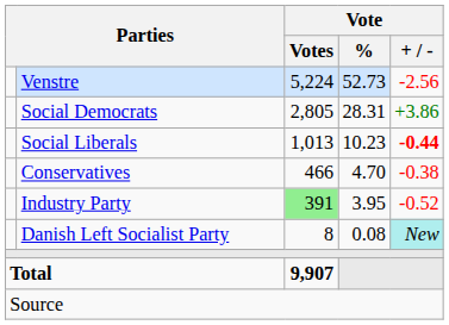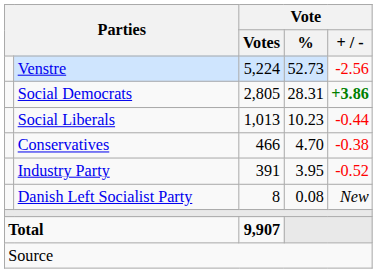 <table class="wikitable" style="text-align:right;">
 <tr>
 <th style="text-align:centre;" rowspan="2" colspan="2" width="225">Parties</th>
 <th colspan="3">Vote</th>
 </tr>
 <tr>
 <th width="15">Votes</th>
 <th width="15">%</th>
 <th width="15">+ / -</th>
 </tr>
 <tr>
 <td width="2" style="color:inherit;background:"></td>
 <td bgcolor=#cfe5fe  align="left"><a href='#'>Venstre</a></td>
 <td bgcolor=#cfe5fe>5,224</td>
 <td bgcolor=#cfe5fe>52.73</td>
 <td style=color:red;>-2.56</td>
 </tr>
 <tr>
 <td width="2" style="color:inherit;background:"></td>
 <td align="left"><a href='#'>Social Democrats</a></td>
 <td>2,805</td>
 <td>28.31</td>
-<td style=color:green;>+3.86</td>
+<td style=color:green;><strong>+3.86</strong></td>
 </tr>
 <tr>
 <td width="2" style="color:inherit;background:"></td>
 <td align="left"><a href='#'>Social Liberals</a></td>
 <td>1,013</td>
 <td>10.23</td>
-<td style=color:red;><strong>-0.44</strong></td>
+<td style=color:red;>-0.44</td>
 </tr>
 <tr>
 <td width="2" style="color:inherit;background:"></td>
 <td align="left"><a href='#'>Conservatives</a></td>
 <td>466</td>
 <td>4.70</td>
 <td style=color:red;>-0.38</td>
 </tr>
 <tr>
 <td width="2" style="color:inherit;background:"></td>
 <td align="left"><a href='#'>Industry Party</a></td>
-<td style="background: lightgreen;">391</td>
+<td>391</td>
 <td>3.95</td>
 <td style=color:red;>-0.52</td>
 </tr>
 <tr>
 <td width="2" style="color:inherit;background:"></td>
 <td align="left"><a href='#'>Danish Left Socialist Party</a></td>
 <td>8</td>
 <td>0.08</td>
-<td style="background: paleturquoise;"><em>New</em></td>
+<td><em>New</em></td>
 </tr>
 <tr>
 <td colspan="7" bgcolor="#E9E9E9"></td>
 </tr>
 <tr>
 <td align="left" colspan="2"><strong>Total</strong></td>
 <td><strong>9,907</strong></td>
 <td bgcolor="#E9E9E9" colspan="2"></td>
 </tr>
 <tr>
 <td align="left" colspan="6">Source</td>
 </tr>
 </table>
